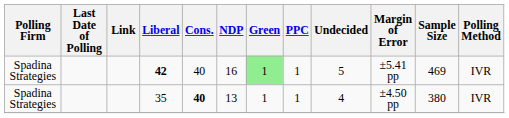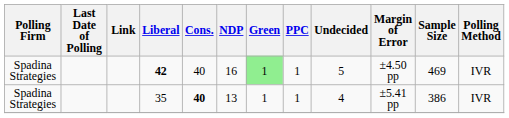 <table class="wikitable sortable" style="text-align:center;font-size:90%;line-height:14px;">
 <tr style="background:#e9e9e9;">
 <th style="width:120px">Polling Firm</th>
 <th style="width:110px">Last Date<br>of Polling</th>
 <th style="width:60px" class="unsortable">Link</th>
 <th style="background-color:"><a href='#'>Liberal</a></th>
 <th style="background-color:"><a href='#'>Cons.</a></th>
 <th style="background-color:"><a href='#'>NDP</a></th>
 <th style="background-color:"><a href='#'>Green</a></th>
 <th style="background-color:"><a href='#'><span>PPC</span></a></th>
 <th style="background-color:">Undecided</th>
 <th style="width:60px;" class=unsortable>Margin<br>of Error</th>
 <th style="width:50px;" class=unsortable>Sample<br>Size</th>
 <th class=unsortable>Polling Method</th>
 </tr>
 <tr>
 <td>Spadina Strategies</td>
 <td></td>
 <td></td>
 <td><strong>42</strong></td>
 <td>40</td>
 <td>16</td>
 <td style="background: lightgreen;">1</td>
 <td>1</td>
 <td>5</td>
-<td>±5.41 pp</td>
+<td>±4.50 pp</td>
 <td>469</td>
 <td>IVR</td>
 </tr>
 <tr>
 <td>Spadina Strategies</td>
 <td></td>
 <td></td>
 <td>35</td>
 <td><strong>40</strong></td>
 <td>13</td>
 <td>1</td>
 <td>1</td>
 <td>4</td>
-<td>±4.50 pp</td>
-<td>380</td>
+<td>±5.41 pp</td>
+<td>386</td>
 <td>IVR</td>
 </tr>
 <tr>
 </tr>
 </table>
